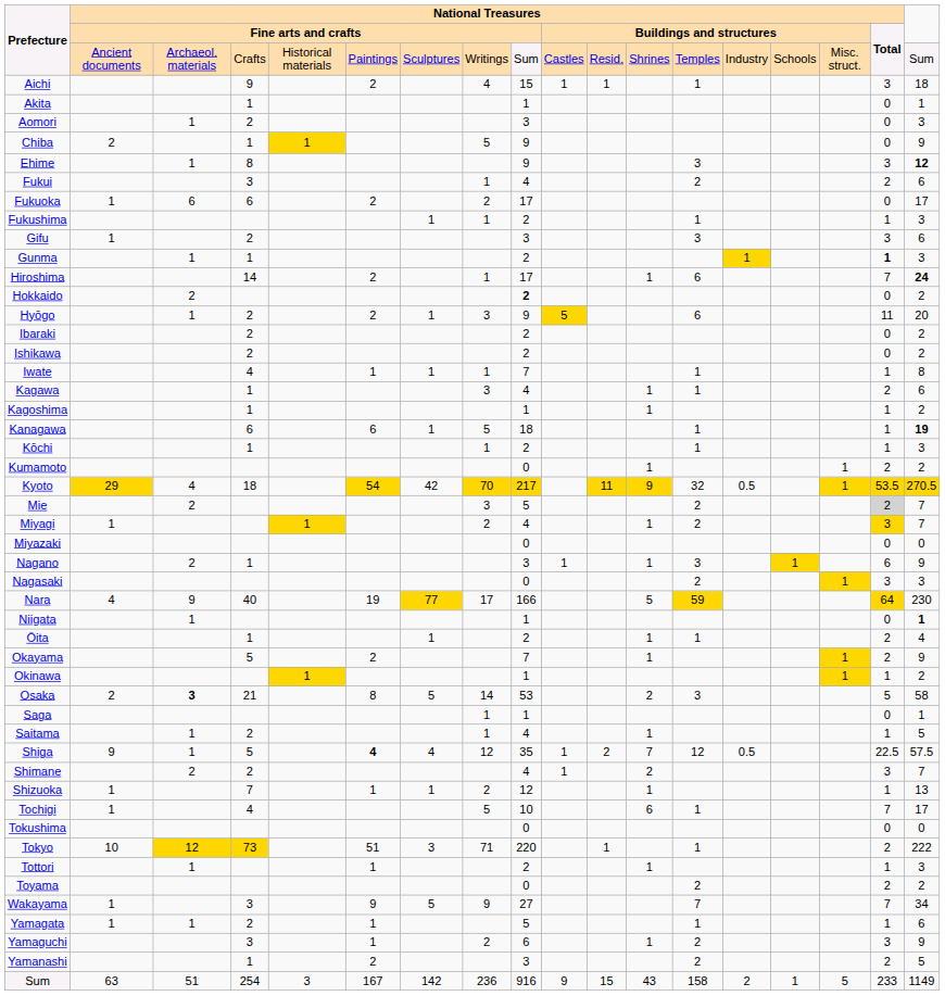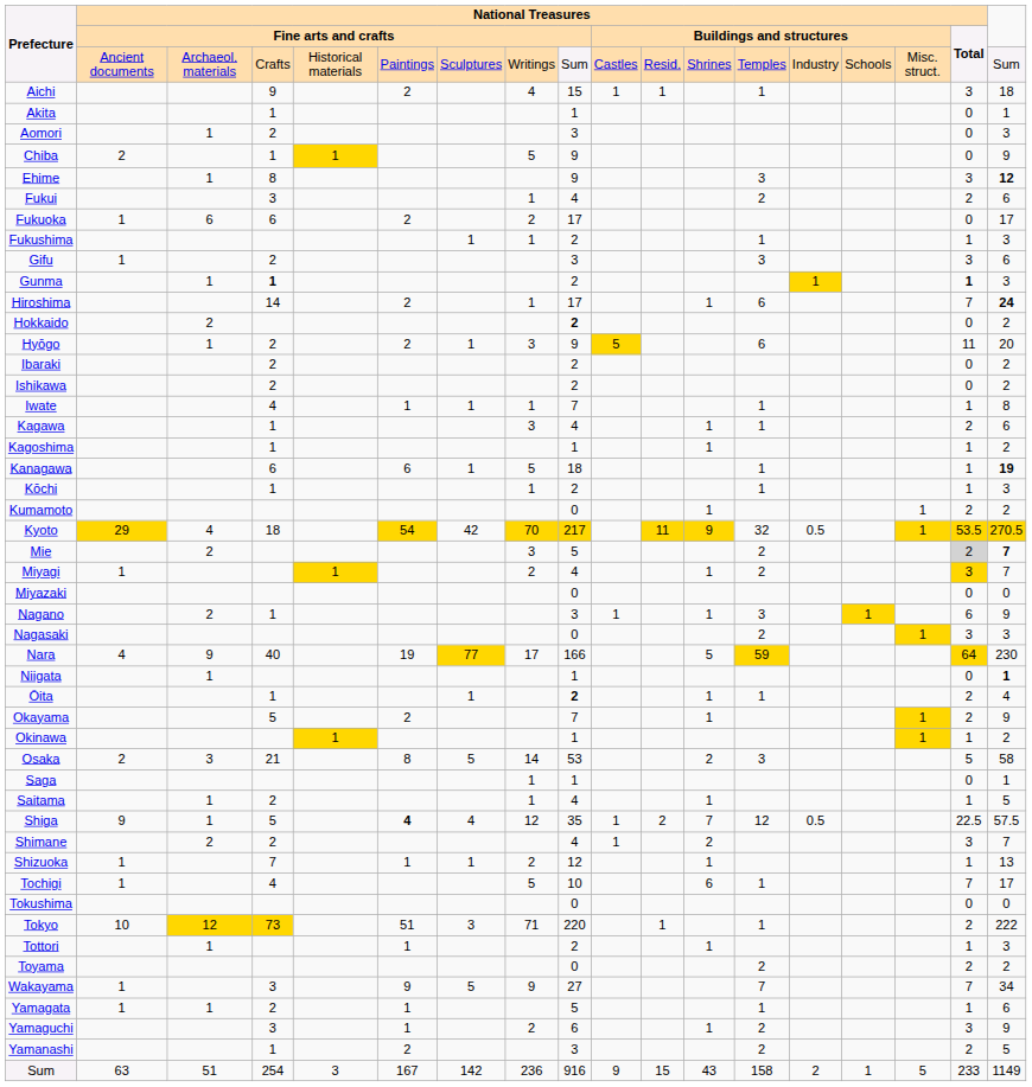 <table class="wikitable" border="1" style="text-align:center">
 <tr>
 <th rowspan="3"  style="background:#F7F3F7;">Prefecture</th>
 <th colspan="16"  style="background:#ffdead;">National  Treasures</th>
 </tr>
 <tr --->
 <th colspan="8"  style="background:#ffdead;">Fine arts and  crafts</th>
 <th colspan="7"  style="background:#ffdead;">Buildings and structures</th>
 <th rowspan="2"  style="background:#F7F3F7;">Total</th>
 </tr>
 <tr --->
 <td style="background:#ffdead;"><a href='#'>Ancient documents</a></td>
 <td style="background:#ffdead;"><a href='#'>Archaeol. materials</a></td>
 <td style="background:#ffdead;">Crafts</td>
 <td style="background:#ffdead;">Historical materials</td>
 <td style="background:#ffdead;"><a href='#'>Paintings</a></td>
 <td style="background:#ffdead;"><a href='#'>Sculptures</a></td>
 <td style="background:#ffdead;">Writings</td>
 <td style="background:#F7F3F7;">Sum</td>
 <td style="background:#ffdead;"><a href='#'>Castles</a></td>
 <td style="background:#ffdead;"><a href='#'>Resid.</a></td>
 <td style="background:#ffdead;"><a href='#'>Shrines</a></td>
 <td style="background:#ffdead;"><a href='#'>Temples</a></td>
 <td style="background:#ffdead;">Industry</td>
 <td style="background:#ffdead;">Schools</td>
 <td style="background:#ffdead;">Misc. struct.</td>
 <td style="background:#F7F3F7;">Sum</td>
 </tr>
 <tr --->
 <td><a href='#'>Aichi</a></td>
 <td></td>
 <td></td>
 <td>9</td>
 <td></td>
 <td>2</td>
 <td></td>
 <td>4</td>
 <td>15</td>
 <td>1</td>
 <td>1</td>
 <td></td>
 <td>1</td>
 <td></td>
 <td></td>
 <td></td>
 <td>3</td>
 <td>18</td>
 </tr>
 <tr --->
 <td><a href='#'>Akita</a></td>
 <td></td>
 <td></td>
 <td>1</td>
 <td></td>
 <td></td>
 <td></td>
 <td></td>
 <td>1</td>
 <td></td>
 <td></td>
 <td></td>
 <td></td>
 <td></td>
 <td></td>
 <td></td>
 <td>0</td>
 <td>1</td>
 </tr>
 <tr --->
 <td><a href='#'>Aomori</a></td>
 <td></td>
 <td>1</td>
 <td>2</td>
 <td></td>
 <td></td>
 <td></td>
 <td></td>
 <td>3</td>
 <td></td>
 <td></td>
 <td></td>
 <td></td>
 <td></td>
 <td></td>
 <td></td>
 <td>0</td>
 <td>3</td>
 </tr>
 <tr --->
 <td><a href='#'>Chiba</a></td>
 <td>2</td>
 <td></td>
 <td>1</td>
 <td style="background:gold;">1</td>
 <td>　</td>
 <td></td>
 <td>5</td>
 <td>9</td>
 <td></td>
 <td></td>
 <td></td>
 <td></td>
 <td></td>
 <td></td>
 <td></td>
 <td>0</td>
 <td>9</td>
 </tr>
 <tr --->
 <td><a href='#'>Ehime</a></td>
 <td></td>
 <td>1</td>
 <td>8</td>
 <td></td>
 <td></td>
 <td></td>
 <td></td>
 <td>9</td>
 <td></td>
 <td></td>
 <td></td>
 <td>3</td>
 <td></td>
 <td></td>
 <td></td>
 <td>3</td>
 <td><strong>12</strong></td>
 </tr>
 <tr --->
 <td><a href='#'>Fukui</a></td>
 <td></td>
 <td></td>
 <td>3</td>
 <td></td>
 <td></td>
 <td></td>
 <td>1</td>
 <td>4</td>
 <td></td>
 <td></td>
 <td></td>
 <td>2</td>
 <td></td>
 <td></td>
 <td></td>
 <td>2</td>
 <td>6</td>
 </tr>
 <tr --->
 <td><a href='#'>Fukuoka</a></td>
 <td>1</td>
 <td>6</td>
 <td>6</td>
 <td></td>
 <td>2</td>
 <td></td>
 <td>2</td>
 <td>17</td>
 <td></td>
 <td></td>
 <td></td>
 <td></td>
 <td></td>
 <td></td>
 <td></td>
 <td>0</td>
 <td>17</td>
 </tr>
 <tr --->
 <td><a href='#'>Fukushima</a></td>
 <td></td>
 <td></td>
 <td></td>
 <td></td>
 <td></td>
 <td>1</td>
 <td>1</td>
 <td>2</td>
 <td></td>
 <td></td>
 <td></td>
 <td>1</td>
 <td></td>
 <td></td>
 <td></td>
 <td>1</td>
 <td>3</td>
 </tr>
 <tr --->
 <td><a href='#'>Gifu</a></td>
 <td>1</td>
 <td></td>
 <td>2</td>
 <td></td>
 <td></td>
 <td></td>
 <td></td>
 <td>3</td>
 <td></td>
 <td></td>
 <td></td>
 <td>3</td>
 <td></td>
 <td></td>
 <td></td>
 <td>3</td>
 <td>6</td>
 </tr>
 <tr --->
 <td><a href='#'>Gunma</a></td>
 <td></td>
 <td>1</td>
-<td>1</td>
+<td><strong>1</strong></td>
 <td></td>
 <td></td>
 <td></td>
 <td></td>
 <td>2</td>
 <td></td>
 <td></td>
 <td></td>
 <td></td>
 <td style="background:gold;">1</td>
 <td></td>
 <td></td>
 <td><strong>1</strong></td>
 <td>3</td>
 </tr>
 <tr --->
 <td><a href='#'>Hiroshima</a></td>
 <td></td>
 <td></td>
 <td>14</td>
 <td></td>
 <td>2</td>
 <td></td>
 <td>1</td>
 <td>17</td>
 <td></td>
 <td></td>
 <td>1</td>
 <td>6</td>
 <td></td>
 <td></td>
 <td></td>
 <td>7</td>
 <td><strong>24</strong></td>
 </tr>
 <tr --->
 <td><a href='#'>Hokkaido</a></td>
 <td></td>
 <td>2</td>
 <td></td>
 <td></td>
 <td></td>
 <td></td>
 <td></td>
 <td><strong>2</strong></td>
 <td></td>
 <td></td>
 <td></td>
 <td></td>
 <td></td>
 <td></td>
 <td></td>
 <td>0</td>
 <td>2</td>
 </tr>
 <tr --->
 <td><a href='#'>Hyōgo</a></td>
 <td></td>
 <td>1</td>
 <td>2</td>
 <td></td>
 <td>2</td>
 <td>1</td>
 <td>3</td>
 <td>9</td>
 <td style="background:gold;">5</td>
 <td></td>
 <td></td>
 <td>6</td>
 <td></td>
 <td></td>
 <td></td>
 <td>11</td>
 <td>20</td>
 </tr>
 <tr --->
 <td><a href='#'>Ibaraki</a></td>
 <td></td>
 <td></td>
 <td>2</td>
 <td></td>
 <td></td>
 <td></td>
 <td></td>
 <td>2</td>
 <td></td>
 <td></td>
 <td></td>
 <td></td>
 <td></td>
 <td></td>
 <td></td>
 <td>0</td>
 <td>2</td>
 </tr>
 <tr --->
 <td><a href='#'>Ishikawa</a></td>
 <td></td>
 <td></td>
 <td>2</td>
 <td></td>
 <td></td>
 <td></td>
 <td></td>
 <td>2</td>
 <td></td>
 <td></td>
 <td></td>
 <td></td>
 <td></td>
 <td></td>
 <td></td>
 <td>0</td>
 <td>2</td>
 </tr>
 <tr --->
 <td><a href='#'>Iwate</a></td>
 <td></td>
 <td></td>
 <td>4</td>
 <td></td>
 <td>1</td>
 <td>1</td>
 <td>1</td>
 <td>7</td>
 <td></td>
 <td></td>
 <td></td>
 <td>1</td>
 <td></td>
 <td></td>
 <td></td>
 <td>1</td>
 <td>8</td>
 </tr>
 <tr --->
 <td><a href='#'>Kagawa</a></td>
 <td></td>
 <td></td>
 <td>1</td>
 <td></td>
 <td></td>
 <td></td>
 <td>3</td>
 <td>4</td>
 <td></td>
 <td></td>
 <td>1</td>
 <td>1</td>
 <td></td>
 <td></td>
 <td></td>
 <td>2</td>
 <td>6</td>
 </tr>
 <tr --->
 <td><a href='#'>Kagoshima</a></td>
 <td></td>
 <td></td>
 <td>1</td>
 <td></td>
 <td></td>
 <td></td>
 <td></td>
 <td>1</td>
 <td></td>
 <td></td>
 <td>1</td>
 <td></td>
 <td></td>
 <td></td>
 <td></td>
 <td>1</td>
 <td>2</td>
 </tr>
 <tr --->
 <td><a href='#'>Kanagawa</a></td>
 <td></td>
 <td></td>
 <td>6</td>
 <td></td>
 <td>6</td>
 <td>1</td>
 <td>5</td>
 <td>18</td>
 <td></td>
 <td></td>
 <td></td>
 <td>1</td>
 <td></td>
 <td></td>
 <td></td>
 <td>1</td>
 <td><strong>19</strong></td>
 </tr>
 <tr --->
 <td><a href='#'>Kōchi</a></td>
 <td></td>
 <td></td>
 <td>1</td>
 <td></td>
 <td></td>
 <td></td>
 <td>1</td>
 <td>2</td>
 <td></td>
 <td></td>
 <td></td>
 <td>1</td>
 <td></td>
 <td></td>
 <td></td>
 <td>1</td>
 <td>3</td>
 </tr>
 <tr --->
 <td><a href='#'>Kumamoto</a></td>
 <td></td>
 <td></td>
 <td></td>
 <td></td>
 <td></td>
 <td></td>
 <td></td>
 <td>0</td>
 <td></td>
 <td></td>
 <td>1</td>
 <td></td>
 <td></td>
 <td></td>
 <td>1</td>
 <td>2</td>
 <td>2</td>
 </tr>
 <tr --->
 <td><a href='#'>Kyoto</a></td>
 <td style="background:gold;">29</td>
 <td>4</td>
 <td>18</td>
 <td></td>
 <td style="background:gold;">54</td>
 <td>42</td>
 <td style="background:gold;">70</td>
 <td style="background:gold;">217</td>
 <td></td>
 <td style="background:gold;">11</td>
 <td style="background:gold;">9</td>
 <td>32</td>
 <td>0.5</td>
 <td></td>
 <td style="background:gold;">1</td>
 <td style="background: gold;">53.5</td>
 <td style="background:gold;">270.5</td>
 </tr>
 <tr --->
 <td><a href='#'>Mie</a></td>
 <td></td>
 <td>2</td>
 <td></td>
 <td></td>
 <td></td>
 <td></td>
 <td>3</td>
 <td>5</td>
 <td></td>
 <td></td>
 <td></td>
 <td>2</td>
 <td></td>
 <td></td>
 <td></td>
 <td style="background: lightgrey;">2</td>
-<td>7</td>
+<td><strong>7</strong></td>
 </tr>
 <tr --->
 <td><a href='#'>Miyagi</a></td>
 <td>1</td>
 <td></td>
 <td></td>
 <td style="background:gold;">1</td>
 <td></td>
 <td></td>
 <td>2</td>
 <td>4</td>
 <td></td>
 <td></td>
 <td>1</td>
 <td>2</td>
 <td></td>
 <td></td>
 <td></td>
 <td style="background: gold;">3</td>
 <td>7</td>
 </tr>
 <tr --->
 <td><a href='#'>Miyazaki</a></td>
 <td></td>
 <td></td>
 <td></td>
 <td></td>
 <td></td>
 <td></td>
 <td></td>
 <td>0</td>
 <td></td>
 <td></td>
 <td></td>
 <td></td>
 <td></td>
 <td></td>
 <td></td>
 <td>0</td>
 <td>0</td>
 </tr>
 <tr --->
 <td><a href='#'>Nagano</a></td>
 <td></td>
 <td>2</td>
 <td>1</td>
 <td></td>
 <td></td>
 <td></td>
 <td></td>
 <td>3</td>
 <td>1</td>
 <td></td>
 <td>1</td>
 <td>3</td>
 <td></td>
 <td style="background:gold;">1</td>
 <td></td>
 <td>6</td>
 <td>9</td>
 </tr>
 <tr --->
 <td><a href='#'>Nagasaki</a></td>
 <td></td>
 <td></td>
 <td></td>
 <td></td>
 <td></td>
 <td></td>
 <td></td>
 <td>0</td>
 <td></td>
 <td></td>
 <td></td>
 <td>2</td>
 <td></td>
 <td></td>
 <td style="background:gold;">1</td>
 <td>3</td>
 <td>3</td>
 </tr>
 <tr --->
 <td><a href='#'>Nara</a></td>
 <td>4</td>
 <td>9</td>
 <td>40</td>
 <td></td>
 <td>19</td>
 <td style="background:gold;">77</td>
 <td>17</td>
 <td>166</td>
 <td></td>
 <td></td>
 <td>5</td>
 <td style="background:gold;">59</td>
 <td></td>
 <td></td>
 <td></td>
 <td style="background:gold;">64</td>
 <td>230</td>
 </tr>
 <tr --->
 <td><a href='#'>Niigata</a></td>
 <td></td>
 <td>1</td>
 <td></td>
 <td></td>
 <td></td>
 <td></td>
 <td></td>
 <td>1</td>
 <td></td>
 <td></td>
 <td></td>
 <td></td>
 <td></td>
 <td></td>
 <td></td>
 <td>0</td>
 <td><strong>1</strong></td>
 </tr>
 <tr --->
 <td><a href='#'>Ōita</a></td>
 <td></td>
 <td></td>
 <td>1</td>
 <td></td>
 <td></td>
 <td>1</td>
 <td></td>
-<td>2</td>
+<td><strong>2</strong></td>
 <td></td>
 <td></td>
 <td>1</td>
 <td>1</td>
 <td></td>
 <td></td>
 <td></td>
 <td>2</td>
 <td>4</td>
 </tr>
 <tr --->
 <td><a href='#'>Okayama</a></td>
 <td></td>
 <td></td>
 <td>5</td>
 <td></td>
 <td>2</td>
 <td></td>
 <td></td>
 <td>7</td>
 <td></td>
 <td></td>
 <td>1</td>
 <td></td>
 <td></td>
 <td></td>
 <td style="background:gold;">1</td>
 <td>2</td>
 <td>9</td>
 </tr>
 <tr --->
 <td><a href='#'>Okinawa</a></td>
 <td></td>
 <td></td>
 <td></td>
 <td style="background:gold;">1</td>
 <td></td>
 <td></td>
 <td></td>
 <td>1</td>
 <td></td>
 <td></td>
 <td></td>
 <td></td>
 <td></td>
 <td></td>
 <td style="background:gold;">1</td>
 <td>1</td>
 <td>2</td>
 </tr>
 <tr --->
 <td><a href='#'>Osaka</a></td>
 <td>2</td>
-<td><strong>3</strong></td>
+<td>3</td>
 <td>21</td>
 <td></td>
 <td>8</td>
 <td>5</td>
 <td>14</td>
 <td>53</td>
 <td></td>
 <td></td>
 <td>2</td>
 <td>3</td>
 <td></td>
 <td></td>
 <td></td>
 <td>5</td>
 <td>58</td>
 </tr>
 <tr --->
 <td><a href='#'>Saga</a></td>
 <td></td>
 <td></td>
 <td></td>
 <td></td>
 <td></td>
 <td></td>
 <td>1</td>
 <td>1</td>
 <td></td>
 <td></td>
 <td></td>
 <td></td>
 <td></td>
 <td></td>
 <td></td>
 <td>0</td>
 <td>1</td>
 </tr>
 <tr --->
 <td><a href='#'>Saitama</a></td>
 <td></td>
 <td>1</td>
 <td>2</td>
 <td></td>
 <td></td>
 <td></td>
 <td>1</td>
 <td>4</td>
 <td></td>
 <td></td>
 <td>1</td>
 <td></td>
 <td></td>
 <td></td>
 <td></td>
 <td>1</td>
 <td>5</td>
 </tr>
 <tr --->
 <td><a href='#'>Shiga</a></td>
 <td>9</td>
 <td>1</td>
 <td>5</td>
 <td></td>
 <td><strong>4</strong></td>
 <td>4</td>
 <td>12</td>
 <td>35</td>
 <td>1</td>
 <td>2</td>
 <td>7</td>
 <td>12</td>
 <td>0.5</td>
 <td></td>
 <td></td>
 <td>22.5</td>
 <td>57.5</td>
 </tr>
 <tr --->
 <td><a href='#'>Shimane</a></td>
 <td></td>
 <td>2</td>
 <td>2</td>
 <td></td>
 <td></td>
 <td></td>
 <td></td>
 <td>4</td>
 <td>1</td>
 <td></td>
 <td>2</td>
 <td></td>
 <td></td>
 <td></td>
 <td></td>
 <td>3</td>
 <td>7</td>
 </tr>
 <tr --->
 <td><a href='#'>Shizuoka</a></td>
 <td>1</td>
 <td></td>
 <td>7</td>
 <td></td>
 <td>1</td>
 <td>1</td>
 <td>2</td>
 <td>12</td>
 <td></td>
 <td></td>
 <td>1</td>
 <td></td>
 <td></td>
 <td></td>
 <td></td>
 <td>1</td>
 <td>13</td>
 </tr>
 <tr --->
 <td><a href='#'>Tochigi</a></td>
 <td>1</td>
 <td></td>
 <td>4</td>
 <td></td>
 <td></td>
 <td></td>
 <td>5</td>
 <td>10</td>
 <td></td>
 <td></td>
 <td>6</td>
 <td>1</td>
 <td></td>
 <td></td>
 <td></td>
 <td>7</td>
 <td>17</td>
 </tr>
 <tr --->
 <td><a href='#'>Tokushima</a></td>
 <td></td>
 <td></td>
 <td></td>
 <td></td>
 <td></td>
 <td></td>
 <td></td>
 <td>0</td>
 <td></td>
 <td></td>
 <td></td>
 <td></td>
 <td></td>
 <td></td>
 <td></td>
 <td>0</td>
 <td>0</td>
 </tr>
 <tr --->
 <td><a href='#'>Tokyo</a></td>
 <td>10</td>
 <td style="background:gold;">12</td>
 <td style="background:gold;">73</td>
 <td></td>
 <td>51</td>
 <td>3</td>
 <td>71</td>
 <td>220</td>
 <td></td>
 <td>1</td>
 <td></td>
 <td>1</td>
 <td></td>
 <td></td>
 <td></td>
 <td>2</td>
 <td>222</td>
 </tr>
 <tr --->
 <td><a href='#'>Tottori</a></td>
 <td></td>
 <td>1</td>
 <td></td>
 <td></td>
 <td>1</td>
 <td></td>
 <td></td>
 <td>2</td>
 <td></td>
 <td></td>
 <td>1</td>
 <td></td>
 <td></td>
 <td></td>
 <td></td>
 <td>1</td>
 <td>3</td>
 </tr>
 <tr --->
 <td><a href='#'>Toyama</a></td>
 <td></td>
 <td></td>
 <td></td>
 <td></td>
 <td></td>
 <td></td>
 <td></td>
 <td>0</td>
 <td></td>
 <td></td>
 <td></td>
 <td>2</td>
 <td></td>
 <td></td>
 <td></td>
 <td>2</td>
 <td>2</td>
 </tr>
 <tr --->
 <td><a href='#'>Wakayama</a></td>
 <td>1</td>
 <td></td>
 <td>3</td>
 <td></td>
 <td>9</td>
 <td>5</td>
 <td>9</td>
 <td>27</td>
 <td></td>
 <td></td>
 <td></td>
 <td>7</td>
 <td></td>
 <td></td>
 <td></td>
 <td>7</td>
 <td>34</td>
 </tr>
 <tr --->
 <td><a href='#'>Yamagata</a></td>
 <td>1</td>
 <td>1</td>
 <td>2</td>
 <td></td>
 <td>1</td>
 <td></td>
 <td></td>
 <td>5</td>
 <td></td>
 <td></td>
 <td></td>
 <td>1</td>
 <td></td>
 <td></td>
 <td></td>
 <td>1</td>
 <td>6</td>
 </tr>
 <tr --->
 <td><a href='#'>Yamaguchi</a></td>
 <td></td>
 <td></td>
 <td>3</td>
 <td></td>
 <td>1</td>
 <td></td>
 <td>2</td>
 <td>6</td>
 <td></td>
 <td></td>
 <td>1</td>
 <td>2</td>
 <td></td>
 <td></td>
 <td></td>
 <td>3</td>
 <td>9</td>
 </tr>
 <tr --->
 <td><a href='#'>Yamanashi</a></td>
 <td></td>
 <td></td>
 <td>1</td>
 <td></td>
 <td>2</td>
 <td></td>
 <td></td>
 <td>3</td>
 <td></td>
 <td></td>
 <td></td>
 <td>2</td>
 <td></td>
 <td></td>
 <td></td>
 <td>2</td>
 <td>5</td>
 </tr>
 <tr --->
 <td style="background:#F7F3F7;">Sum</td>
 <td>63</td>
 <td>51</td>
 <td>254</td>
 <td>3</td>
 <td>167</td>
 <td>142</td>
 <td>236</td>
 <td>916</td>
 <td>9</td>
 <td>15</td>
 <td>43</td>
 <td>158</td>
 <td>2</td>
 <td>1</td>
 <td>5</td>
 <td>233</td>
 <td>1149</td>
 </tr>
 </table>
